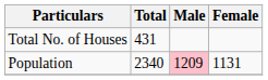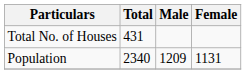 <table class="wikitable sortable">
 <tr>
 <th>Particulars</th>
 <th>Total</th>
 <th>Male</th>
 <th>Female</th>
 </tr>
 <tr>
 <td>Total No. of Houses</td>
 <td>431</td>
 <td></td>
 <td></td>
 </tr>
 <tr>
 <td>Population</td>
 <td>2340</td>
-<td style="background: pink;">1209</td>
+<td>1209</td>
 <td>1131</td>
 </tr>
 <tr>
 </tr>
 </table>
